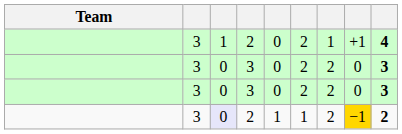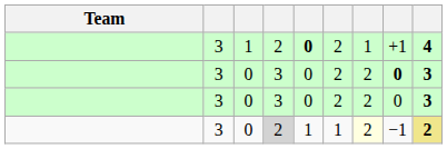 <table class="wikitable" style="text-align:center">
 <tr>
 <th width="175">Team</th>
 <th width="20"></th>
 <th width="20"></th>
 <th width="20"></th>
 <th width="20"></th>
 <th width="20"></th>
 <th width="20"></th>
 <th width="20"></th>
 <th width="20"></th>
 </tr>
 <tr bgcolor="#ccffcc">
 <td align="left"></td>
 <td>3</td>
 <td>1</td>
 <td>2</td>
-<td>0</td>
+<td><strong>0</strong></td>
 <td>2</td>
 <td>1</td>
 <td>+1</td>
 <td><strong>4</strong></td>
 </tr>
 <tr bgcolor="#ccffcc">
 <td align="left"></td>
 <td>3</td>
 <td>0</td>
 <td>3</td>
 <td>0</td>
 <td>2</td>
 <td>2</td>
-<td>0</td>
+<td><strong>0</strong></td>
 <td><strong>3</strong></td>
 </tr>
 <tr bgcolor="#ccffcc">
 <td align="left"></td>
 <td>3</td>
 <td>0</td>
 <td>3</td>
 <td>0</td>
 <td>2</td>
 <td>2</td>
 <td>0</td>
 <td><strong>3</strong></td>
 </tr>
 <tr>
 <td align="left"></td>
 <td>3</td>
-<td style="background: lavender;">0</td>
-<td>2</td>
+<td>0</td>
+<td style="background: lightgrey;">2</td>
 <td>1</td>
 <td>1</td>
-<td>2</td>
-<td style="background: gold;">−1</td>
-<td><strong>2</strong></td>
+<td style="background: lightyellow;">2</td>
+<td>−1</td>
+<td style="background: khaki;"><strong>2</strong></td>
 </tr>
 </table>
